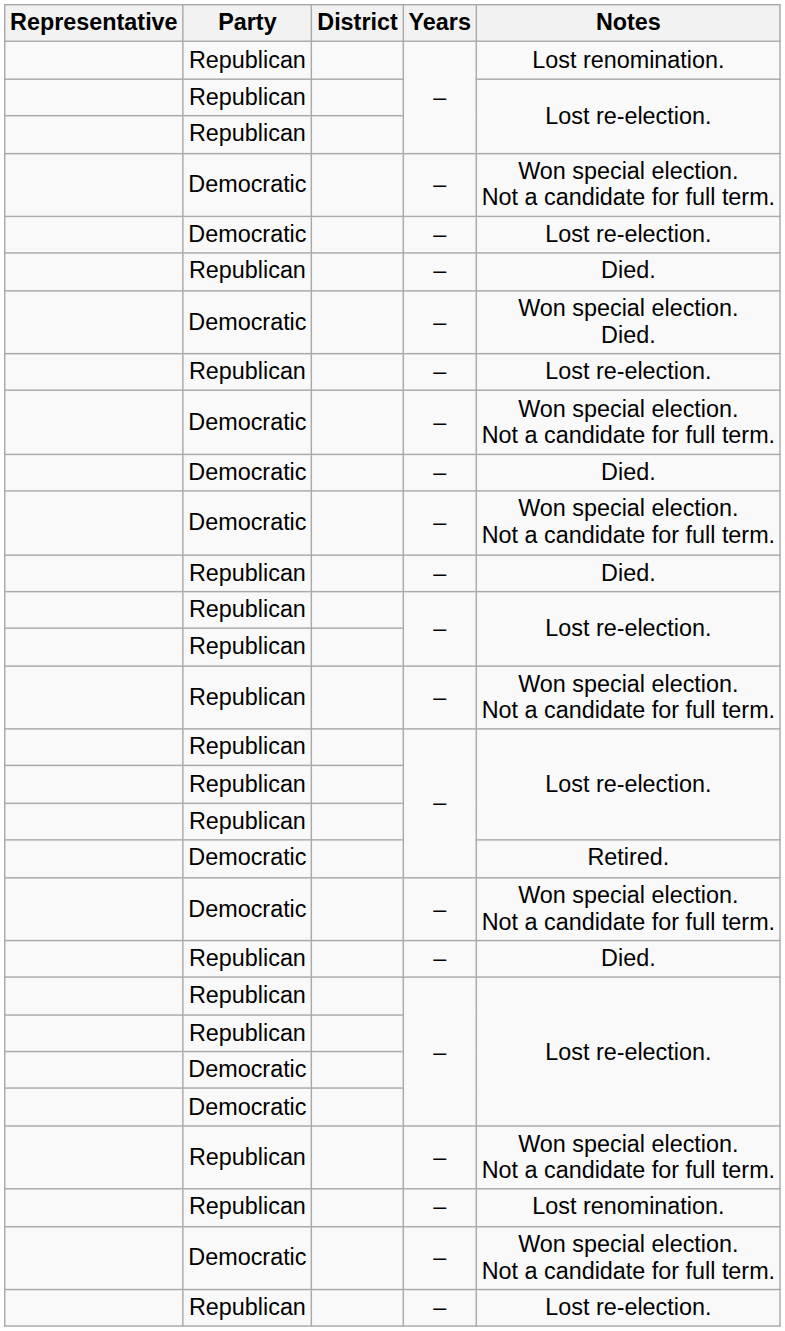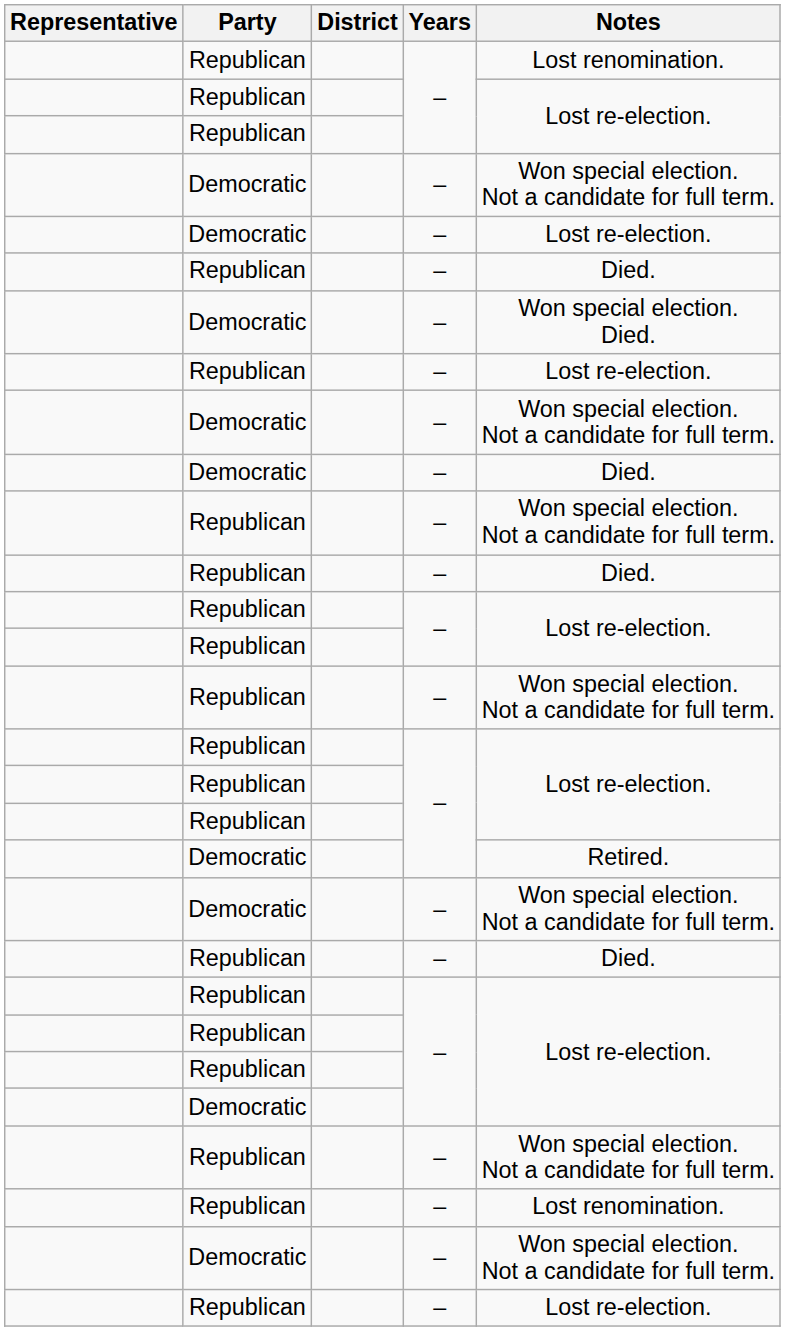 <table class="wikitable sortable" style="text-align:center">
 <tr valign=bottom>
 <th>Representative</th>
 <th>Party</th>
 <th>District</th>
 <th>Years</th>
 <th>Notes</th>
 </tr>
 <tr>
 <td align=left></td>
 <td>Republican</td>
 <td></td>
 <td rowspan="3" nowrap=""> –<br></td>
 <td>Lost renomination.</td>
 </tr>
 <tr>
 <td align=left></td>
 <td>Republican</td>
 <td></td>
 <td rowspan="2">Lost re-election.</td>
 </tr>
 <tr>
 <td align=left></td>
 <td>Republican</td>
 <td></td>
 </tr>
 <tr>
 <td align=left></td>
 <td>Democratic</td>
 <td></td>
 <td nowrap> –<br></td>
 <td>Won special election.<br>Not a candidate for full term.</td>
 </tr>
 <tr>
 <td align=left></td>
 <td>Democratic</td>
 <td></td>
 <td nowrap> –<br></td>
 <td>Lost re-election.</td>
 </tr>
 <tr>
 <td align=left></td>
 <td>Republican</td>
 <td></td>
 <td nowrap> –<br></td>
 <td>Died.</td>
 </tr>
 <tr>
 <td align=left></td>
 <td>Democratic</td>
 <td></td>
 <td nowrap> –<br></td>
 <td>Won special election.<br>Died.</td>
 </tr>
 <tr>
 <td align=left></td>
 <td>Republican</td>
 <td></td>
 <td nowrap> –<br></td>
 <td>Lost re-election.</td>
 </tr>
 <tr>
 <td align=left></td>
 <td>Democratic</td>
 <td></td>
 <td nowrap> –<br></td>
 <td>Won special election.<br>Not a candidate for full term.</td>
 </tr>
 <tr>
 <td align=left></td>
 <td>Democratic</td>
 <td></td>
 <td nowrap> –<br></td>
 <td>Died.</td>
 </tr>
 <tr>
 <td align=left></td>
-<td>Democratic</td>
+<td>Republican</td>
 <td></td>
 <td nowrap> –<br></td>
 <td>Won special election.<br>Not a candidate for full term.</td>
 </tr>
 <tr>
 <td align=left></td>
 <td>Republican</td>
 <td></td>
 <td nowrap> –<br></td>
 <td>Died.</td>
 </tr>
 <tr>
 <td align=left></td>
 <td>Republican</td>
 <td></td>
 <td rowspan="2" nowrap=""> –<br></td>
 <td rowspan="2">Lost re-election.</td>
 </tr>
 <tr>
 <td align=left></td>
 <td>Republican</td>
 <td></td>
 </tr>
 <tr>
 <td align=left></td>
 <td>Republican</td>
 <td></td>
 <td nowrap> –<br></td>
 <td>Won special election.<br>Not a candidate for full term.</td>
 </tr>
 <tr>
 <td align=left></td>
 <td>Republican</td>
 <td></td>
 <td rowspan="4" nowrap=""> –<br></td>
 <td rowspan="3">Lost re-election.</td>
 </tr>
 <tr>
 <td align=left></td>
 <td>Republican</td>
 <td></td>
 </tr>
 <tr>
 <td align=left></td>
 <td>Republican</td>
 <td></td>
 </tr>
 <tr>
 <td align=left></td>
 <td>Democratic</td>
 <td></td>
 <td>Retired.</td>
 </tr>
 <tr>
 <td align=left></td>
 <td>Democratic</td>
 <td></td>
 <td nowrap> –<br></td>
 <td>Won special election.<br>Not a candidate for full term.</td>
 </tr>
 <tr>
 <td align=left></td>
 <td>Republican</td>
 <td></td>
 <td nowrap> –<br></td>
 <td>Died.</td>
 </tr>
 <tr>
 <td align=left></td>
 <td>Republican</td>
 <td></td>
 <td rowspan="4" nowrap=""> –<br></td>
 <td rowspan="4">Lost re-election.</td>
 </tr>
 <tr>
 <td align=left></td>
 <td>Republican</td>
 <td></td>
 </tr>
 <tr>
 <td align=left></td>
-<td>Democratic</td>
+<td>Republican</td>
 <td></td>
 </tr>
 <tr>
 <td align=left></td>
 <td>Democratic</td>
 <td></td>
 </tr>
 <tr>
 <td align=left></td>
 <td>Republican</td>
 <td></td>
 <td nowrap> –<br></td>
 <td>Won special election.<br>Not a candidate for full term.</td>
 </tr>
 <tr>
 <td align=left></td>
 <td>Republican</td>
 <td></td>
 <td nowrap> –<br></td>
 <td>Lost renomination.</td>
 </tr>
 <tr>
 <td align=left></td>
 <td>Democratic</td>
 <td></td>
 <td nowrap> –<br></td>
 <td>Won special election.<br>Not a candidate for full term.</td>
 </tr>
 <tr>
 <td align=left></td>
 <td>Republican</td>
 <td></td>
 <td nowrap> –<br></td>
 <td>Lost re-election.</td>
 </tr>
 </table>
